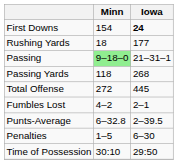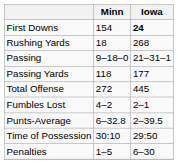 <table class="wikitable">
 <tr>
 <th></th>
 <th>Minn</th>
 <th>Iowa</th>
 </tr>
 <tr>
 <td>First Downs</td>
 <td>154</td>
 <td><strong>24</strong></td>
 </tr>
 <tr>
 <td>Rushing Yards</td>
 <td>18</td>
-<td>177</td>
+<td>268</td>
 </tr>
 <tr>
 <td>Passing</td>
-<td style="background: lightgreen;">9–18–0</td>
+<td>9–18–0</td>
 <td>21–31–1</td>
 </tr>
 <tr>
 <td>Passing Yards</td>
 <td>118</td>
-<td>268</td>
+<td>177</td>
 </tr>
 <tr>
 <td>Total Offense</td>
 <td>272</td>
 <td>445</td>
 </tr>
 <tr>
 <td>Fumbles Lost</td>
 <td>4–2</td>
 <td>2–1</td>
 </tr>
 <tr>
 <td>Punts-Average</td>
 <td>6–32.8</td>
 <td>2–39.5</td>
 </tr>
 <tr>
+<td>Time of Possession</td>
+<td>30:10</td>
+<td>29:50</td>
+</tr>
+<tr>
 <td>Penalties</td>
 <td>1–5</td>
 <td>6–30</td>
 </tr>
 <tr>
-<td>Time of Possession</td>
-<td>30:10</td>
-<td>29:50</td>
-</tr>
-<tr>
 </tr>
 </table>
